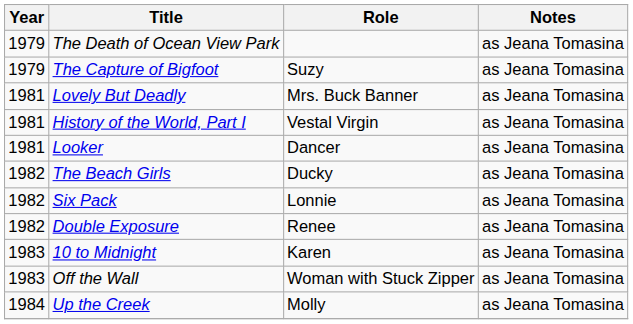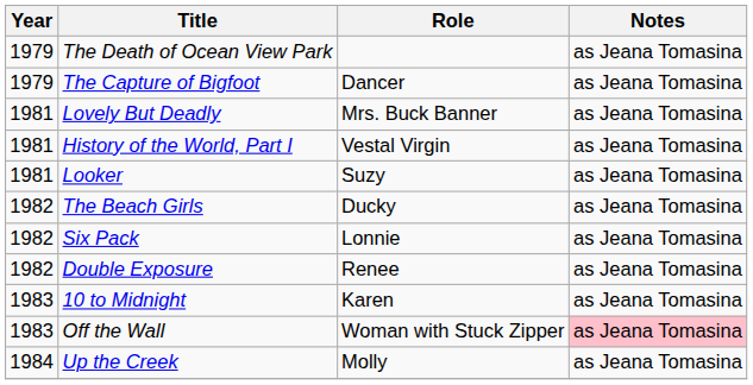 <table class="wikitable sortable">
 <tr>
 <th>Year</th>
 <th>Title</th>
 <th>Role</th>
 <th class="unsortable">Notes</th>
 </tr>
 <tr>
 <td>1979</td>
 <td><em>The Death of Ocean View Park</em></td>
 <td></td>
 <td>as Jeana Tomasina</td>
 </tr>
 <tr>
 <td>1979</td>
 <td><em><a href='#'>The Capture of Bigfoot</a></em></td>
-<td>Suzy</td>
+<td>Dancer</td>
 <td>as Jeana Tomasina</td>
 </tr>
 <tr>
 <td>1981</td>
 <td><em><a href='#'>Lovely But Deadly</a></em></td>
 <td>Mrs. Buck Banner</td>
 <td>as Jeana Tomasina</td>
 </tr>
 <tr>
 <td>1981</td>
 <td><em><a href='#'>History of the World, Part I</a></em></td>
 <td>Vestal Virgin</td>
 <td>as Jeana Tomasina</td>
 </tr>
 <tr>
 <td>1981</td>
 <td><em><a href='#'>Looker</a></em></td>
-<td>Dancer</td>
+<td>Suzy</td>
 <td>as Jeana Tomasina</td>
 </tr>
 <tr>
 <td>1982</td>
 <td><em><a href='#'>The Beach Girls</a></em></td>
 <td>Ducky</td>
 <td>as Jeana Tomasina</td>
 </tr>
 <tr>
 <td>1982</td>
 <td><em><a href='#'>Six Pack</a></em></td>
 <td>Lonnie</td>
 <td>as Jeana Tomasina</td>
 </tr>
 <tr>
 <td>1982</td>
 <td><em><a href='#'>Double Exposure</a></em></td>
 <td>Renee</td>
 <td>as Jeana Tomasina</td>
 </tr>
 <tr>
 <td>1983</td>
 <td><em><a href='#'>10 to Midnight</a></em></td>
 <td>Karen</td>
 <td>as Jeana Tomasina</td>
 </tr>
 <tr>
 <td>1983</td>
 <td><em>Off the Wall</em></td>
 <td>Woman with Stuck Zipper</td>
-<td>as Jeana Tomasina</td>
+<td style="background: pink;">as Jeana Tomasina</td>
 </tr>
 <tr>
 <td>1984</td>
 <td><em><a href='#'>Up the Creek</a></em></td>
 <td>Molly</td>
 <td>as Jeana Tomasina</td>
 </tr>
 <tr>
 </tr>
 </table>
